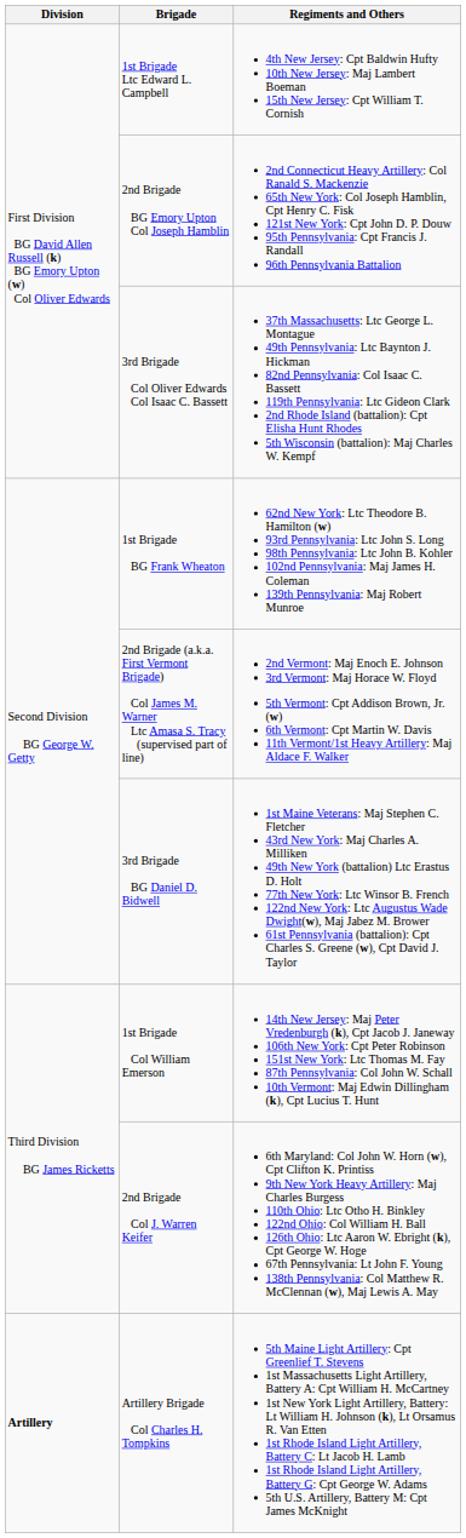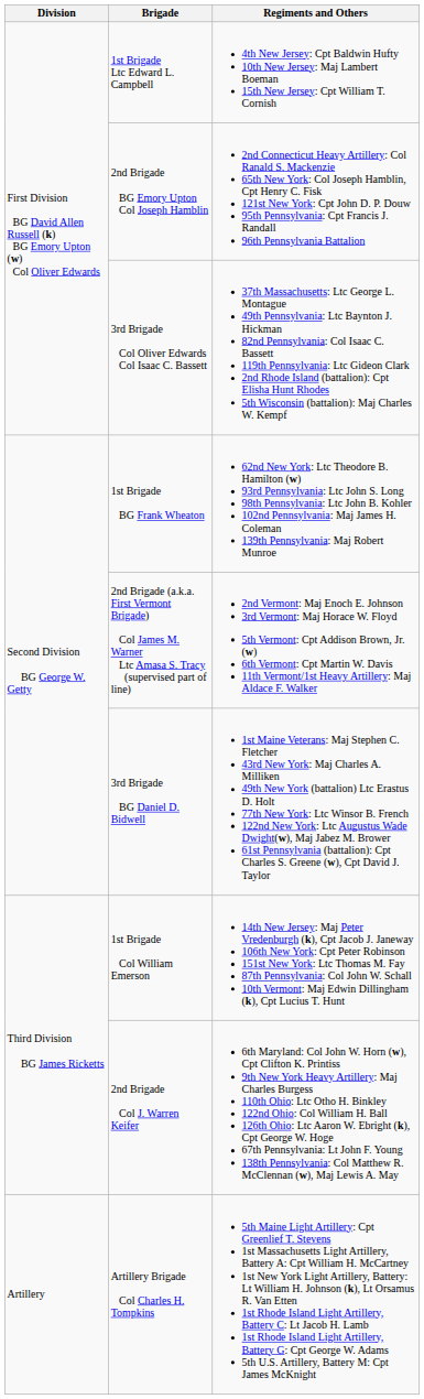 <table class="wikitable">
 <tr>
 <th width=25%>Division</th>
 <th width=25%>Brigade</th>
 <th>Regiments and Others</th>
 </tr>
 <tr>
 <td rowspan=3><br>First Division<br><br>   BG <a href='#'>David Allen Russell</a> (<strong>k</strong>)<br>   BG <a href='#'>Emory Upton</a> (<strong>w</strong>)<br>   Col <a href='#'>Oliver Edwards</a></td>
 <td><a href='#'>1st Brigade</a><br>Ltc Edward L. Campbell</td>
 <td><br><ul><li><a href='#'>4th New Jersey</a>: Cpt Baldwin Hufty</li><li><a href='#'>10th New Jersey</a>: Maj Lambert Boeman</li><li><a href='#'>15th New Jersey</a>: Cpt William T. Cornish</li></ul></td>
 </tr>
 <tr>
 <td>2nd Brigade<br><br>   BG <a href='#'>Emory Upton</a> <br>   Col <a href='#'>Joseph Hamblin</a></td>
 <td><br><ul><li><a href='#'>2nd Connecticut Heavy Artillery</a>: Col <a href='#'>Ranald S. Mackenzie</a></li><li><a href='#'>65th New York</a>: Col Joseph Hamblin, Cpt Henry C. Fisk</li><li><a href='#'>121st New York</a>: Cpt John D. P. Douw</li><li><a href='#'>95th Pennsylvania</a>: Cpt Francis J. Randall</li><li><a href='#'>96th Pennsylvania Battalion</a></li></ul></td>
 </tr>
 <tr>
 <td>3rd Brigade<br><br>   Col Oliver Edwards <br>   Col Isaac C. Bassett</td>
 <td><br><ul><li><a href='#'>37th Massachusetts</a>: Ltc George L. Montague</li><li><a href='#'>49th Pennsylvania</a>: Ltc Baynton J. Hickman</li><li><a href='#'>82nd Pennsylvania</a>: Col Isaac C. Bassett</li><li><a href='#'>119th Pennsylvania</a>: Ltc Gideon Clark</li><li><a href='#'>2nd Rhode Island</a> (battalion): Cpt <a href='#'>Elisha Hunt Rhodes</a></li><li><a href='#'>5th Wisconsin</a> (battalion): Maj Charles W. Kempf</li></ul></td>
 </tr>
 <tr>
 <td rowspan=3><br>Second Division<br><br>     BG <a href='#'>George W. Getty</a> <br></td>
 <td>1st Brigade<br><br>   BG <a href='#'>Frank Wheaton</a></td>
 <td><br><ul><li><a href='#'>62nd New York</a>: Ltc Theodore B. Hamilton (<strong>w</strong>)</li><li><a href='#'>93rd Pennsylvania</a>: Ltc John S. Long</li><li><a href='#'>98th Pennsylvania</a>: Ltc John B. Kohler</li><li><a href='#'>102nd Pennsylvania</a>: Maj James H. Coleman</li><li><a href='#'>139th Pennsylvania</a>: Maj Robert Munroe</li></ul></td>
 </tr>
 <tr>
 <td>2nd Brigade (a.k.a. <a href='#'>First Vermont Brigade</a>)<br><br>   Col <a href='#'>James M. Warner</a> <br>   Ltc <a href='#'>Amasa S. Tracy</a> <br>     (supervised part of line)</td>
 <td><br><ul><li><a href='#'>2nd Vermont</a>: Maj Enoch E. Johnson</li><li><a href='#'>3rd Vermont</a>: Maj Horace W. Floyd</li></ul><ul><li><a href='#'>5th Vermont</a>: Cpt Addison Brown, Jr. (<strong>w</strong>)</li><li><a href='#'>6th Vermont</a>: Cpt Martin W. Davis</li><li><a href='#'>11th Vermont/1st Heavy Artillery</a>: Maj <a href='#'>Aldace F. Walker</a></li></ul></td>
 </tr>
 <tr>
 <td>3rd Brigade<br><br>   BG <a href='#'>Daniel D. Bidwell</a></td>
 <td><br><ul><li><a href='#'>1st Maine Veterans</a>: Maj Stephen C. Fletcher</li><li><a href='#'>43rd New York</a>: Maj Charles A. Milliken</li><li><a href='#'>49th New York</a> (battalion) Ltc Erastus D. Holt</li><li><a href='#'>77th New York</a>: Ltc Winsor B. French</li><li><a href='#'>122nd New York</a>: Ltc <a href='#'>Augustus Wade Dwight</a>(<strong>w</strong>), Maj Jabez M. Brower</li><li><a href='#'>61st Pennsylvania</a> (battalion): Cpt Charles S. Greene (<strong>w</strong>), Cpt David J. Taylor</li></ul></td>
 </tr>
 <tr>
 <td rowspan=2><br>Third Division<br><br>     BG <a href='#'>James Ricketts</a></td>
 <td>1st Brigade<br><br>   Col William Emerson</td>
 <td><br><ul><li><a href='#'>14th New Jersey</a>: Maj <a href='#'>Peter Vredenburgh</a> (<strong>k</strong>), Cpt Jacob J. Janeway</li><li><a href='#'>106th New York</a>: Cpt Peter Robinson</li><li><a href='#'>151st New York</a>: Ltc Thomas M. Fay</li><li><a href='#'>87th Pennsylvania</a>: Col John W. Schall</li><li><a href='#'>10th Vermont</a>: Maj Edwin Dillingham (<strong>k</strong>), Cpt Lucius T. Hunt</li></ul></td>
 </tr>
 <tr>
 <td>2nd Brigade<br><br>   Col <a href='#'>J. Warren Keifer</a></td>
 <td><br><ul><li>6th Maryland: Col John W. Horn (<strong>w</strong>), Cpt Clifton K. Printiss</li><li><a href='#'>9th New York Heavy Artillery</a>: Maj Charles Burgess</li><li><a href='#'>110th Ohio</a>: Ltc Otho H. Binkley</li><li><a href='#'>122nd Ohio</a>: Col William H. Ball</li><li><a href='#'>126th Ohio</a>: Ltc Aaron W. Ebright (<strong>k</strong>), Cpt George W. Hoge</li><li>67th Pennsylvania: Lt John F. Young</li><li><a href='#'>138th Pennsylvania</a>: Col Matthew R. McClennan (<strong>w</strong>), Maj Lewis A. May</li></ul></td>
 </tr>
 <tr>
-<td><strong>Artillery</strong></td>
+<td>Artillery</td>
 <td>Artillery Brigade<br><br>   Col <a href='#'>Charles H. Tompkins</a></td>
 <td><br><ul><li><a href='#'>5th Maine Light Artillery</a>: Cpt <a href='#'>Greenlief T. Stevens</a></li><li>1st Massachusetts Light Artillery, Battery A: Cpt William H. McCartney</li><li>1st New York Light Artillery, Battery: Lt William H. Johnson (<strong>k</strong>), Lt Orsamus R. Van Etten</li><li><a href='#'>1st Rhode Island Light Artillery, Battery C</a>: Lt Jacob H. Lamb</li><li><a href='#'>1st Rhode Island Light Artillery, Battery G</a>: Cpt George W. Adams</li><li>5th U.S. Artillery, Battery M: Cpt James McKnight</li></ul></td>
 </tr>
 </table>
